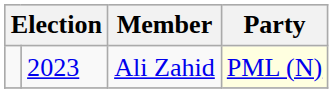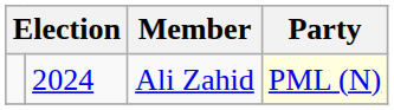 <table class="wikitable">
 <tr>
 <th colspan="2">Election</th>
 <th>Member</th>
 <th>Party</th>
 </tr>
 <tr>
 <td style="background-color: "></td>
-<td><a href='#'>2023</a></td>
+<td><a href='#'>2024</a></td>
 <td><a href='#'>Ali Zahid</a></td>
 <td style="background: lightyellow;"><a href='#'>PML (N)</a></td>
 </tr>
 </table>
